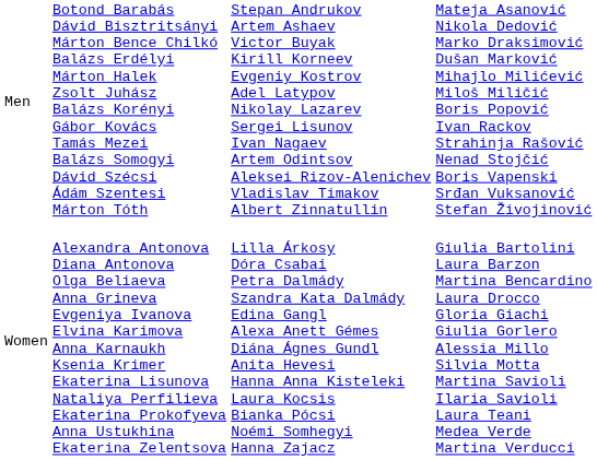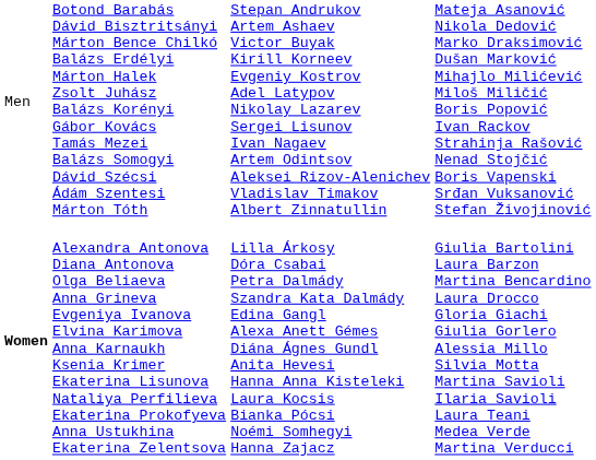 <table>
 <tr>
 <td>Men<br></td>
 <td><br><a href='#'>Botond Barabás</a><br> <a href='#'>Dávid Bisztritsányi</a><br> <a href='#'>Márton Bence Chilkó</a><br> <a href='#'>Balázs Erdélyi</a><br> <a href='#'>Márton Halek</a><br> <a href='#'>Zsolt Juhász</a><br> <a href='#'>Balázs Korényi</a><br> <a href='#'>Gábor Kovács</a><br> <a href='#'>Tamás Mezei</a><br> <a href='#'>Balázs Somogyi</a><br> <a href='#'>Dávid Szécsi</a><br> <a href='#'>Ádám Szentesi</a><br> <a href='#'>Márton Tóth</a></td>
 <td><br><a href='#'>Stepan Andrukov</a><br> <a href='#'>Artem Ashaev</a><br> <a href='#'>Victor Buyak</a><br> <a href='#'>Kirill Korneev</a><br> <a href='#'>Evgeniy Kostrov</a><br> <a href='#'>Adel Latypov</a><br> <a href='#'>Nikolay Lazarev</a><br> <a href='#'>Sergei Lisunov</a><br> <a href='#'>Ivan Nagaev</a><br> <a href='#'>Artem Odintsov</a><br> <a href='#'>Aleksei Rizov-Alenichev</a><br> <a href='#'>Vladislav Timakov</a><br> <a href='#'>Albert Zinnatullin</a></td>
 <td><br><a href='#'>Mateja Asanović</a><br> <a href='#'>Nikola Dedović</a><br> <a href='#'>Marko Draksimović</a><br> <a href='#'>Dušan Marković</a><br> <a href='#'>Mihajlo Milićević</a><br> <a href='#'>Miloš Miličić</a><br> <a href='#'>Boris Popović</a><br> <a href='#'>Ivan Rackov</a><br> <a href='#'>Strahinja Rašović</a><br> <a href='#'>Nenad Stojčić</a><br> <a href='#'>Boris Vapenski</a><br> <a href='#'>Srđan Vuksanović</a><br> <a href='#'>Stefan Živojinović</a></td>
 </tr>
 <tr>
-<td>Women<br></td>
+<td><strong>Women<br></strong></td>
 <td><br><a href='#'>Alexandra Antonova</a><br> <a href='#'>Diana Antonova</a><br><a href='#'>Olga Beliaeva</a><br> <a href='#'>Anna Grineva</a><br> <a href='#'>Evgeniya Ivanova</a><br> <a href='#'>Elvina Karimova</a><br> <a href='#'>Anna Karnaukh</a><br> <a href='#'>Ksenia Krimer</a><br> <a href='#'>Ekaterina Lisunova</a><br> <a href='#'>Nataliya Perfilieva</a><br> <a href='#'>Ekaterina Prokofyeva</a><br> <a href='#'>Anna Ustukhina</a><br> <a href='#'>Ekaterina Zelentsova</a></td>
 <td><br><a href='#'>Lilla Árkosy</a><br> <a href='#'>Dóra Csabai</a><br> <a href='#'>Petra Dalmády</a><br> <a href='#'>Szandra Kata Dalmády</a><br> <a href='#'>Edina Gangl</a><br> <a href='#'>Alexa Anett Gémes</a><br><a href='#'>Diána Ágnes Gundl</a><br> <a href='#'>Anita Hevesi</a><br> <a href='#'>Hanna Anna Kisteleki</a><br> <a href='#'>Laura Kocsis</a><br> <a href='#'>Bianka Pócsi</a><br><a href='#'>Noémi Somhegyi</a><br><a href='#'>Hanna Zajacz</a></td>
 <td><br><a href='#'>Giulia Bartolini</a><br> <a href='#'>Laura Barzon</a><br> <a href='#'>Martina Bencardino</a><br> <a href='#'>Laura Drocco</a><br><a href='#'>Gloria Giachi</a><br><a href='#'>Giulia Gorlero</a><br><a href='#'>Alessia Millo</a><br> <a href='#'>Silvia Motta</a><br> <a href='#'>Martina Savioli</a><br> <a href='#'>Ilaria Savioli</a><br><a href='#'>Laura Teani</a><br><a href='#'>Medea Verde</a><br> <a href='#'>Martina Verducci</a></td>
 </tr>
 </table>
